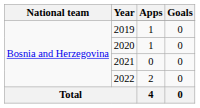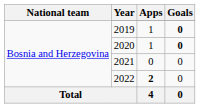 <table class="wikitable" style="text-align:center">
 <tr>
 <th>National team</th>
 <th>Year</th>
 <th>Apps</th>
 <th>Goals</th>
 </tr>
 <tr>
 <td rowspan=5><a href='#'>Bosnia and Herzegovina</a></td>
 </tr>
 <tr>
 <td>2019</td>
 <td>1</td>
-<td>0</td>
+<td><strong>0</strong></td>
 </tr>
 <tr>
 <td>2020</td>
 <td>1</td>
-<td>0</td>
+<td><strong>0</strong></td>
 </tr>
 <tr>
 <td>2021</td>
 <td>0</td>
 <td>0</td>
 </tr>
 <tr>
 <td>2022</td>
-<td>2</td>
+<td><strong>2</strong></td>
 <td>0</td>
 </tr>
 <tr>
 <th colspan=2>Total</th>
 <th>4</th>
 <th>0</th>
 </tr>
 </table>
